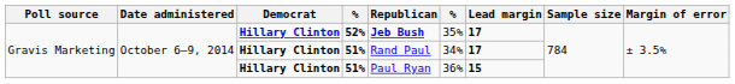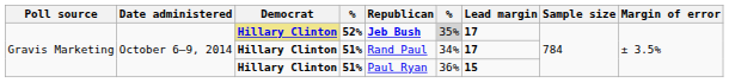 <table class="wikitable">
 <tr valign=bottom>
 <th>Poll source</th>
 <th>Date administered</th>
 <th>Democrat</th>
 <th>%</th>
 <th>Republican</th>
 <th>%</th>
 <th>Lead margin</th>
 <th>Sample size</th>
 <th>Margin of error</th>
 </tr>
 <tr>
 <td rowspan=3>Gravis Marketing</td>
 <td rowspan=3>October 6–9, 2014</td>
-<td><strong><a href='#'>Hillary Clinton</a></strong></td>
+<td style="background: khaki;"><strong><a href='#'>Hillary Clinton</a></strong></td>
 <td><strong>52%</strong></td>
 <td><strong><a href='#'>Jeb Bush</a></strong></td>
-<td>35%</td>
+<td style="background: lightgrey;">35%</td>
 <td><strong>17</strong></td>
 <td rowspan=3>784</td>
 <td rowspan=3>± 3.5%</td>
 </tr>
 <tr>
 <td><strong>Hillary Clinton</strong></td>
 <td><strong>51%</strong></td>
 <td><a href='#'>Rand Paul</a></td>
 <td>34%</td>
 <td><strong>17</strong></td>
 </tr>
 <tr>
 <td><strong>Hillary Clinton</strong></td>
 <td><strong>51%</strong></td>
 <td><a href='#'>Paul Ryan</a></td>
 <td>36%</td>
 <td><strong>15</strong></td>
 </tr>
 </table>
